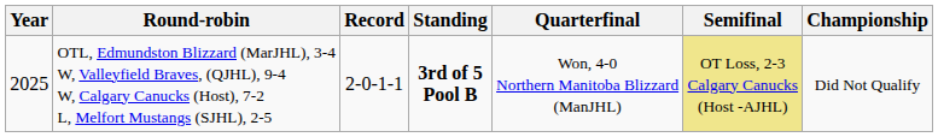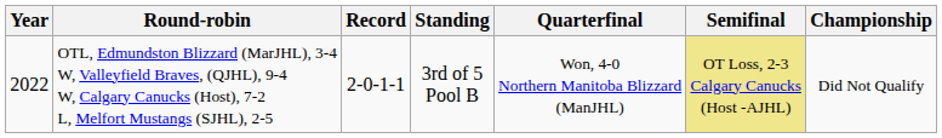 <table class="wikitable" style="text-align:center;">
 <tr>
 <th>Year</th>
 <th>Round-robin</th>
 <th>Record</th>
 <th>Standing</th>
 <th>Quarterfinal</th>
 <th>Semifinal</th>
 <th>Championship</th>
 </tr>
 <tr>
-<td>2025</td>
+<td>2022</td>
 <td align=left><small>OTL, <a href='#'>Edmundston Blizzard</a> (MarJHL), 3-4<br>W, <a href='#'>Valleyfield Braves</a>, (QJHL), 9-4<br>W, <a href='#'>Calgary Canucks</a> (Host), 7-2<br>L, <a href='#'>Melfort Mustangs</a> (SJHL), 2-5</small></td>
 <td>2-0-1-1</td>
-<td><strong>3rd of 5 <br>Pool B</strong></td>
+<td>3rd of 5 <br>Pool B</td>
 <td><small>Won, 4-0<br><a href='#'>Northern Manitoba Blizzard</a><br>(ManJHL)</small></td>
 <td style="background: khaki;"><small>OT Loss, 2-3<br><a href='#'>Calgary Canucks</a><br>(Host -AJHL)</small></td>
 <td><small>Did Not Qualify  </small></td>
 </tr>
 </table>
